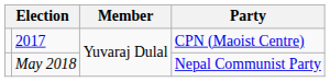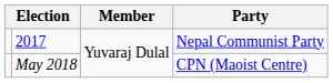 <table class="wikitable">
 <tr>
 <th colspan="2">Election</th>
 <th>Member</th>
 <th>Party</th>
 </tr>
 <tr>
 <td style="background-color:"></td>
 <td><a href='#'>2017</a></td>
 <td rowspan="2">Yuvaraj Dulal</td>
-<td><a href='#'>CPN (Maoist Centre)</a></td>
+<td><a href='#'>Nepal Communist Party</a></td>
 </tr>
 <tr>
 <td style="background-color:"></td>
 <td><em>May 2018</em></td>
-<td><a href='#'>Nepal Communist Party</a></td>
+<td><a href='#'>CPN (Maoist Centre)</a></td>
 </tr>
 </table>
